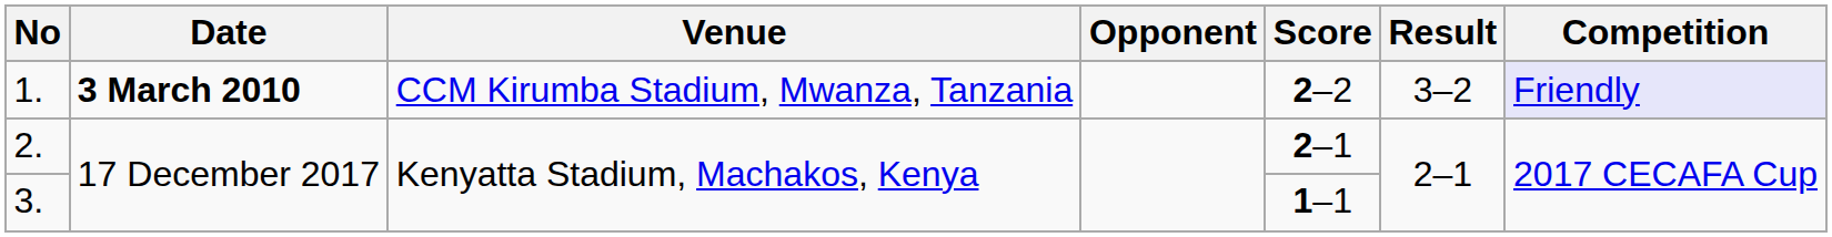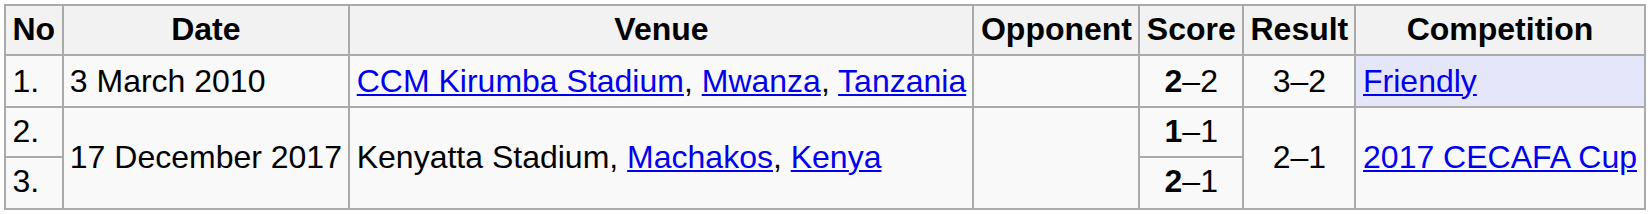 <table class="wikitable" style="font-size:100%;">
 <tr>
 <th>No</th>
 <th>Date</th>
 <th>Venue</th>
 <th>Opponent</th>
 <th>Score</th>
 <th>Result</th>
 <th>Competition</th>
 </tr>
 <tr>
 <td>1.</td>
-<td><strong>3 March 2010</strong></td>
+<td>3 March 2010</td>
 <td><a href='#'>CCM Kirumba Stadium</a>, <a href='#'>Mwanza</a>, <a href='#'>Tanzania</a></td>
 <td></td>
 <td align=center><strong>2</strong>–2</td>
 <td align=center>3–2</td>
 <td style="background: lavender;"><a href='#'>Friendly</a></td>
 </tr>
 <tr>
 <td>2.</td>
 <td rowspan="2">17 December 2017</td>
 <td rowspan="2">Kenyatta Stadium, <a href='#'>Machakos</a>, <a href='#'>Kenya</a></td>
 <td rowspan="2"></td>
-<td align=center><strong>2</strong>–1</td>
+<td align=center><strong>1</strong>–1</td>
 <td rowspan="2" style="text-align:center">2–1</td>
 <td rowspan="2"><a href='#'>2017 CECAFA Cup</a></td>
 </tr>
 <tr>
 <td>3.</td>
-<td align=center><strong>1</strong>–1</td>
+<td align=center><strong>2</strong>–1</td>
 </tr>
 </table>
